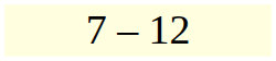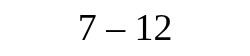 <table style="text-align:center">
 <tr>
 <th width=200></th>
 <th width=100></th>
 <th width=200></th>
 </tr>
 <tr>
 <td align=right></td>
-<td style="background: lightyellow;">7 – 12</td>
+<td>7 – 12</td>
 <td align=left><strong></strong></td>
 </tr>
 </table>
